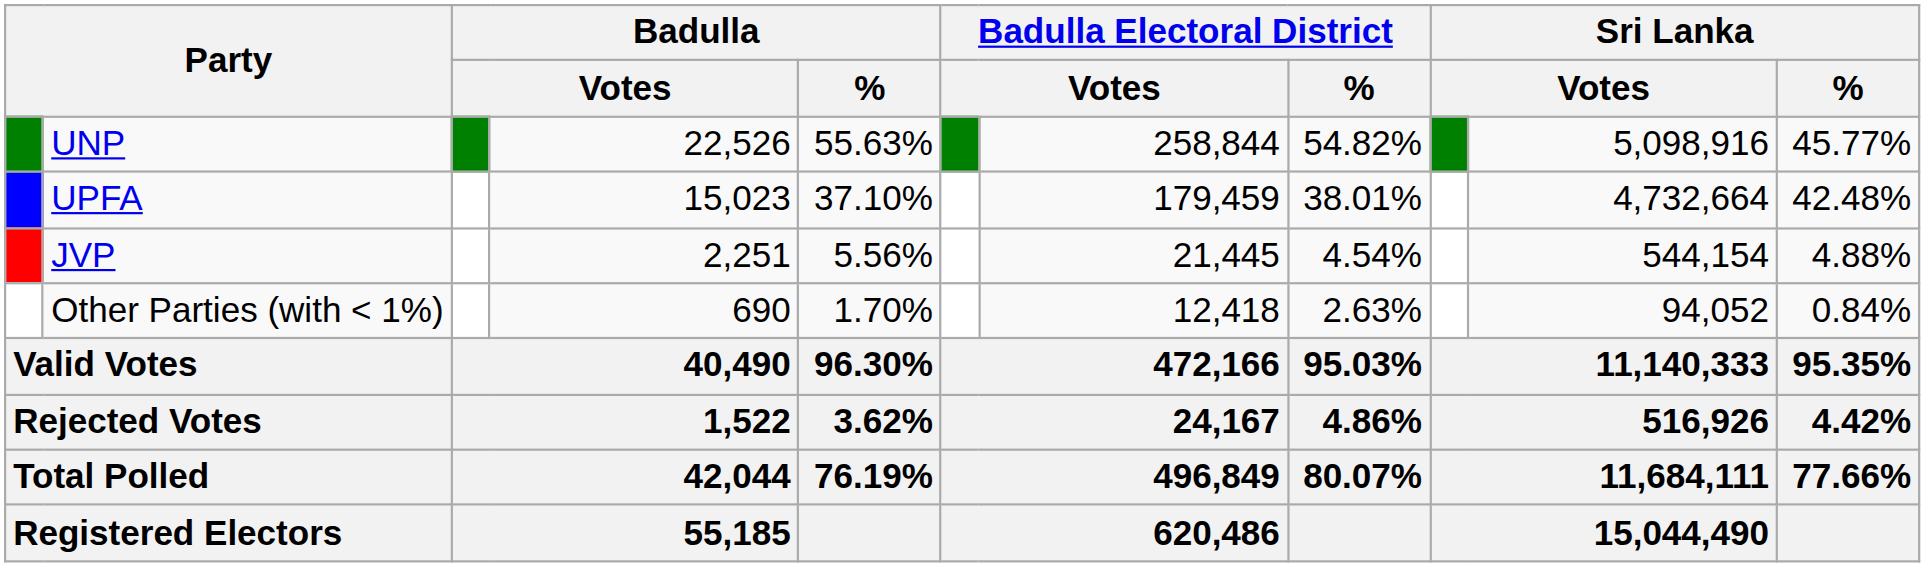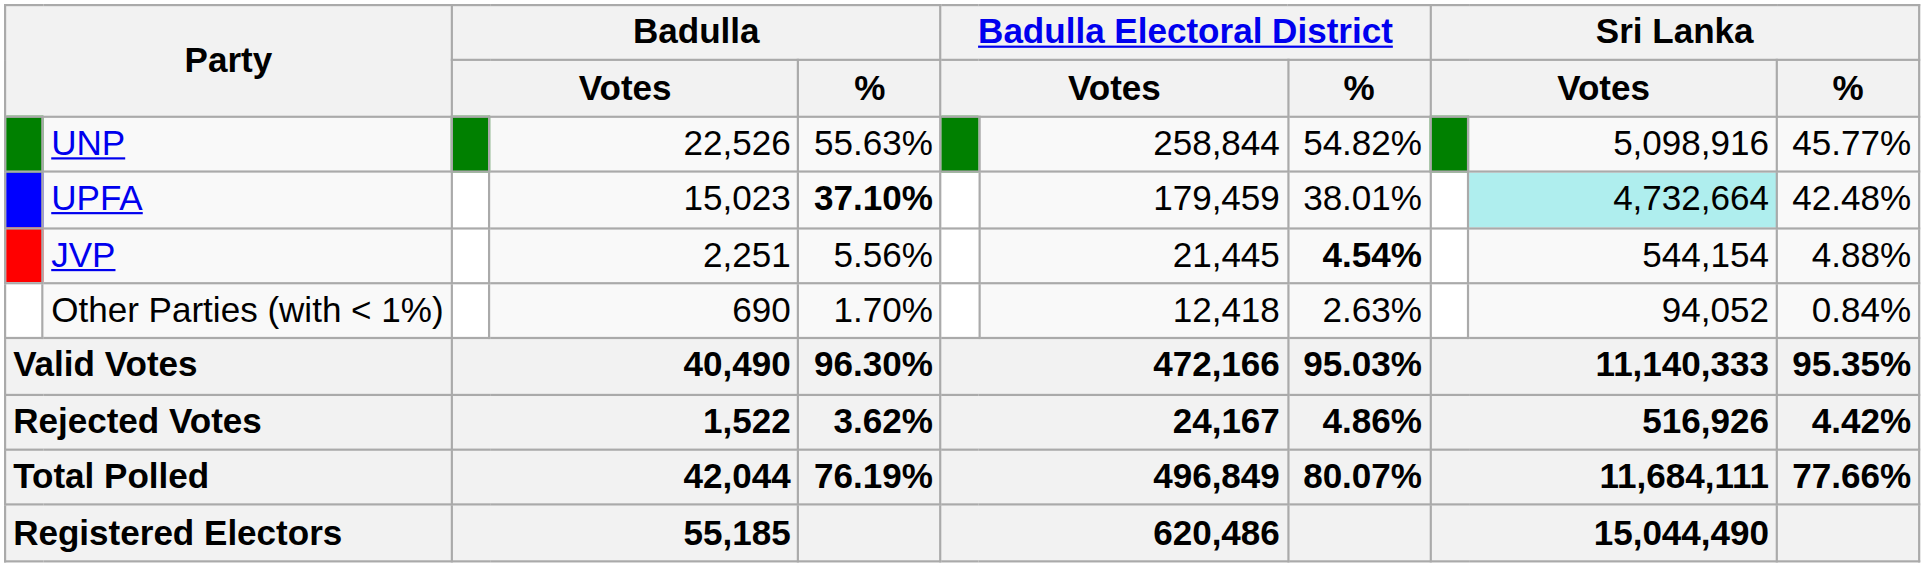 <table class="wikitable">
 <tr>
 <th colspan="2" width="144px"rowspan="2">Party</th>
 <th colspan="3" width="216px">Badulla</th>
 <th colspan="3" width="216px"><a href='#'>Badulla Electoral District</a></th>
 <th colspan="3" width="216px">Sri Lanka</th>
 </tr>
 <tr>
 <th colspan="2" width="144px">Votes</th>
 <th>%</th>
 <th colspan="2" width="144px">Votes</th>
 <th>%</th>
 <th colspan="2" width="144px">Votes</th>
 <th>%</th>
 </tr>
 <tr>
 <td style="background-color:green;" width="10px"></td>
 <td style="text-align:left;"><a href='#'>UNP</a></td>
 <td style="background-color:green;" width="10px"></td>
 <td style="text-align:right;">22,526</td>
 <td style="text-align:right;">55.63%</td>
 <td style="background-color:green;" width="10px"></td>
 <td style="text-align:right;">258,844</td>
 <td style="text-align:right;">54.82%</td>
 <td style="background-color:green;" width="10px"></td>
 <td style="text-align:right;">5,098,916</td>
 <td style="text-align:right;">45.77%</td>
 </tr>
 <tr>
 <td style="background-color:blue;" width="10px"></td>
 <td style="text-align:left;"><a href='#'>UPFA</a></td>
 <td style="background-color:white;" width="10px"></td>
 <td style="text-align:right;">15,023</td>
-<td style="text-align:right;">37.10%</td>
+<td style="text-align:right;"><strong>37.10%</strong></td>
 <td style="background-color:white;" width="10px"></td>
 <td style="text-align:right;">179,459</td>
 <td style="text-align:right;">38.01%</td>
 <td style="background-color:white;" width="10px"></td>
-<td style="text-align:right;">4,732,664</td>
+<td style="background: paleturquoise; text-align:right;">4,732,664</td>
 <td style="text-align:right;">42.48%</td>
 </tr>
 <tr>
 <td style="background-color:red;" width="10px"></td>
 <td style="text-align:left;"><a href='#'>JVP</a></td>
 <td style="background-color:white;" width="10px"></td>
 <td style="text-align:right;">2,251</td>
 <td style="text-align:right;">5.56%</td>
 <td style="background-color:white;" width="10px"></td>
 <td style="text-align:right;">21,445</td>
-<td style="text-align:right;">4.54%</td>
+<td style="text-align:right;"><strong>4.54%</strong></td>
 <td style="background-color:white;" width="10px"></td>
 <td style="text-align:right;">544,154</td>
 <td style="text-align:right;">4.88%</td>
 </tr>
 <tr>
 <td style="background-color:white;" width="10px"></td>
 <td style="text-align:left;">Other Parties (with < 1%)</td>
 <td style="background-color:white;" width="10px"></td>
 <td style="text-align:right;">690</td>
 <td style="text-align:right;">1.70%</td>
 <td style="background-color:white;" width="10px"></td>
 <td style="text-align:right;">12,418</td>
 <td style="text-align:right;">2.63%</td>
 <td style="background-color:white;" width="10px"></td>
 <td style="text-align:right;">94,052</td>
 <td style="text-align:right;">0.84%</td>
 </tr>
 <tr>
 <th colspan="2" width="144px"style="text-align:left;">Valid Votes</th>
 <th style="text-align:right;"colspan="2" width="144px">40,490</th>
 <th style="text-align:right;">96.30%</th>
 <th style="text-align:right;"colspan="2" width="144px">472,166</th>
 <th style="text-align:right;">95.03%</th>
 <th style="text-align:right;"colspan="2" width="144px">11,140,333</th>
 <th style="text-align:right;">95.35%</th>
 </tr>
 <tr>
 <th colspan="2" width="144px"style="text-align:left;">Rejected Votes</th>
 <th style="text-align:right;"colspan="2" width="144px">1,522</th>
 <th style="text-align:right;">3.62%</th>
 <th style="text-align:right;"colspan="2" width="144px">24,167</th>
 <th style="text-align:right;">4.86%</th>
 <th style="text-align:right;"colspan="2" width="144px">516,926</th>
 <th style="text-align:right;">4.42%</th>
 </tr>
 <tr>
 <th colspan="2" width="144px"style="text-align:left;">Total Polled</th>
 <th style="text-align:right;"colspan="2" width="144px">42,044</th>
 <th style="text-align:right;">76.19%</th>
 <th style="text-align:right;"colspan="2" width="144px">496,849</th>
 <th style="text-align:right;">80.07%</th>
 <th style="text-align:right;"colspan="2" width="144px">11,684,111</th>
 <th style="text-align:right;">77.66%</th>
 </tr>
 <tr>
 <th colspan="2" width="144px"style="text-align:left;">Registered Electors</th>
 <th style="text-align:right;"colspan="2" width="144px">55,185</th>
 <th></th>
 <th style="text-align:right;"colspan="2" width="144px">620,486</th>
 <th></th>
 <th style="text-align:right;"colspan="2" width="144px">15,044,490</th>
 <th></th>
 </tr>
 </table>
